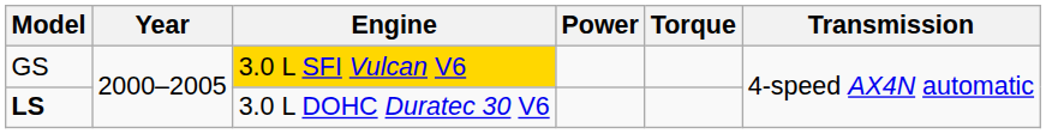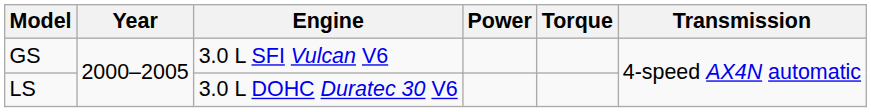 <table class=wikitable>
 <tr>
 <th>Model</th>
 <th>Year</th>
 <th>Engine</th>
 <th>Power</th>
 <th>Torque</th>
 <th>Transmission</th>
 </tr>
 <tr>
 <td rowspan=2>GS</td>
 <td rowspan=3>2000–2005</td>
-<td style="background: gold;">3.0 L <a href='#'>SFI</a> <em><a href='#'>Vulcan</a></em> <a href='#'>V6</a></td>
+<td>3.0 L <a href='#'>SFI</a> <em><a href='#'>Vulcan</a></em> <a href='#'>V6</a></td>
 <td></td>
 <td></td>
 <td rowspan="3">4-speed <em><a href='#'>AX4N</a></em> <a href='#'>automatic</a></td>
 </tr>
 <tr>
 <td rowspan=2>3.0 L <a href='#'>DOHC</a> <em><a href='#'>Duratec 30</a></em> <a href='#'>V6</a></td>
 <td rowspan=2></td>
 <td rowspan="2"></td>
 </tr>
 <tr>
-<td><strong>LS</strong></td>
+<td>LS</td>
 </tr>
 </table>
